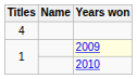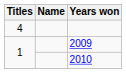 <table class="wikitable style="font-size:100%; text-align: left; width:70%">
 <tr>
 <th>Titles</th>
 <th>Name</th>
 <th>Years won</th>
 </tr>
 <tr>
 <td align=center>4</td>
 <td></td>
 <td></td>
 </tr>
 <tr>
 <td rowspan=2 align=center>1</td>
 <td></td>
-<td style="background: lightyellow;"><a href='#'>2009</a></td>
+<td><a href='#'>2009</a></td>
 </tr>
 <tr>
 <td></td>
 <td><a href='#'>2010</a></td>
 </tr>
 </table>
